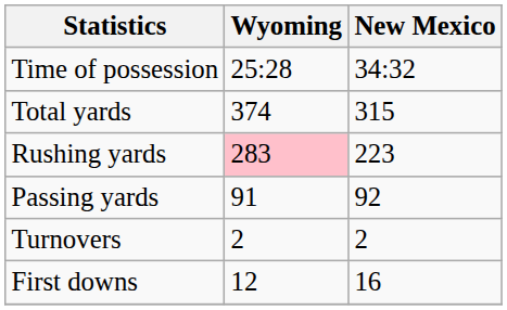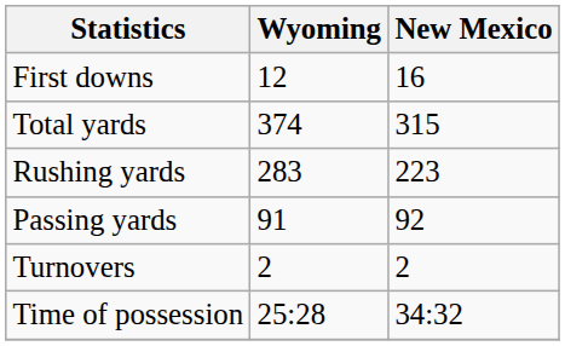 <table class="wikitable">
 <tr>
 <th>Statistics</th>
 <th>Wyoming</th>
 <th>New Mexico</th>
 </tr>
 <tr>
-<td>Time of possession</td>
-<td>25:28</td>
-<td>34:32</td>
+<td>First downs</td>
+<td>12</td>
+<td>16</td>
 </tr>
 <tr>
 <td>Total yards</td>
 <td>374</td>
 <td>315</td>
 </tr>
 <tr>
 <td>Rushing yards</td>
-<td style="background: pink;">283</td>
+<td>283</td>
 <td>223</td>
 </tr>
 <tr>
 <td>Passing yards</td>
 <td>91</td>
 <td>92</td>
 </tr>
 <tr>
 <td>Turnovers</td>
 <td>2</td>
 <td>2</td>
 </tr>
 <tr>
-<td>First downs</td>
-<td>12</td>
-<td>16</td>
+<td>Time of possession</td>
+<td>25:28</td>
+<td>34:32</td>
 </tr>
 <tr>
 </tr>
 </table>
